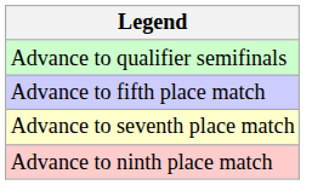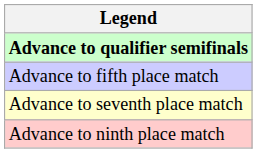 <table class="wikitable">
 <tr>
 <th>Legend</th>
 </tr>
 <tr bgcolor=ccffcc>
-<td>Advance to qualifier semifinals</td>
+<td><strong>Advance to qualifier semifinals</strong></td>
 </tr>
 <tr bgcolor=ccccff>
 <td>Advance to fifth place match</td>
 </tr>
 <tr bgcolor=ffffcc>
 <td>Advance to seventh place match</td>
 </tr>
 <tr bgcolor=ffcccc>
 <td>Advance to ninth place match</td>
 </tr>
 </table>
